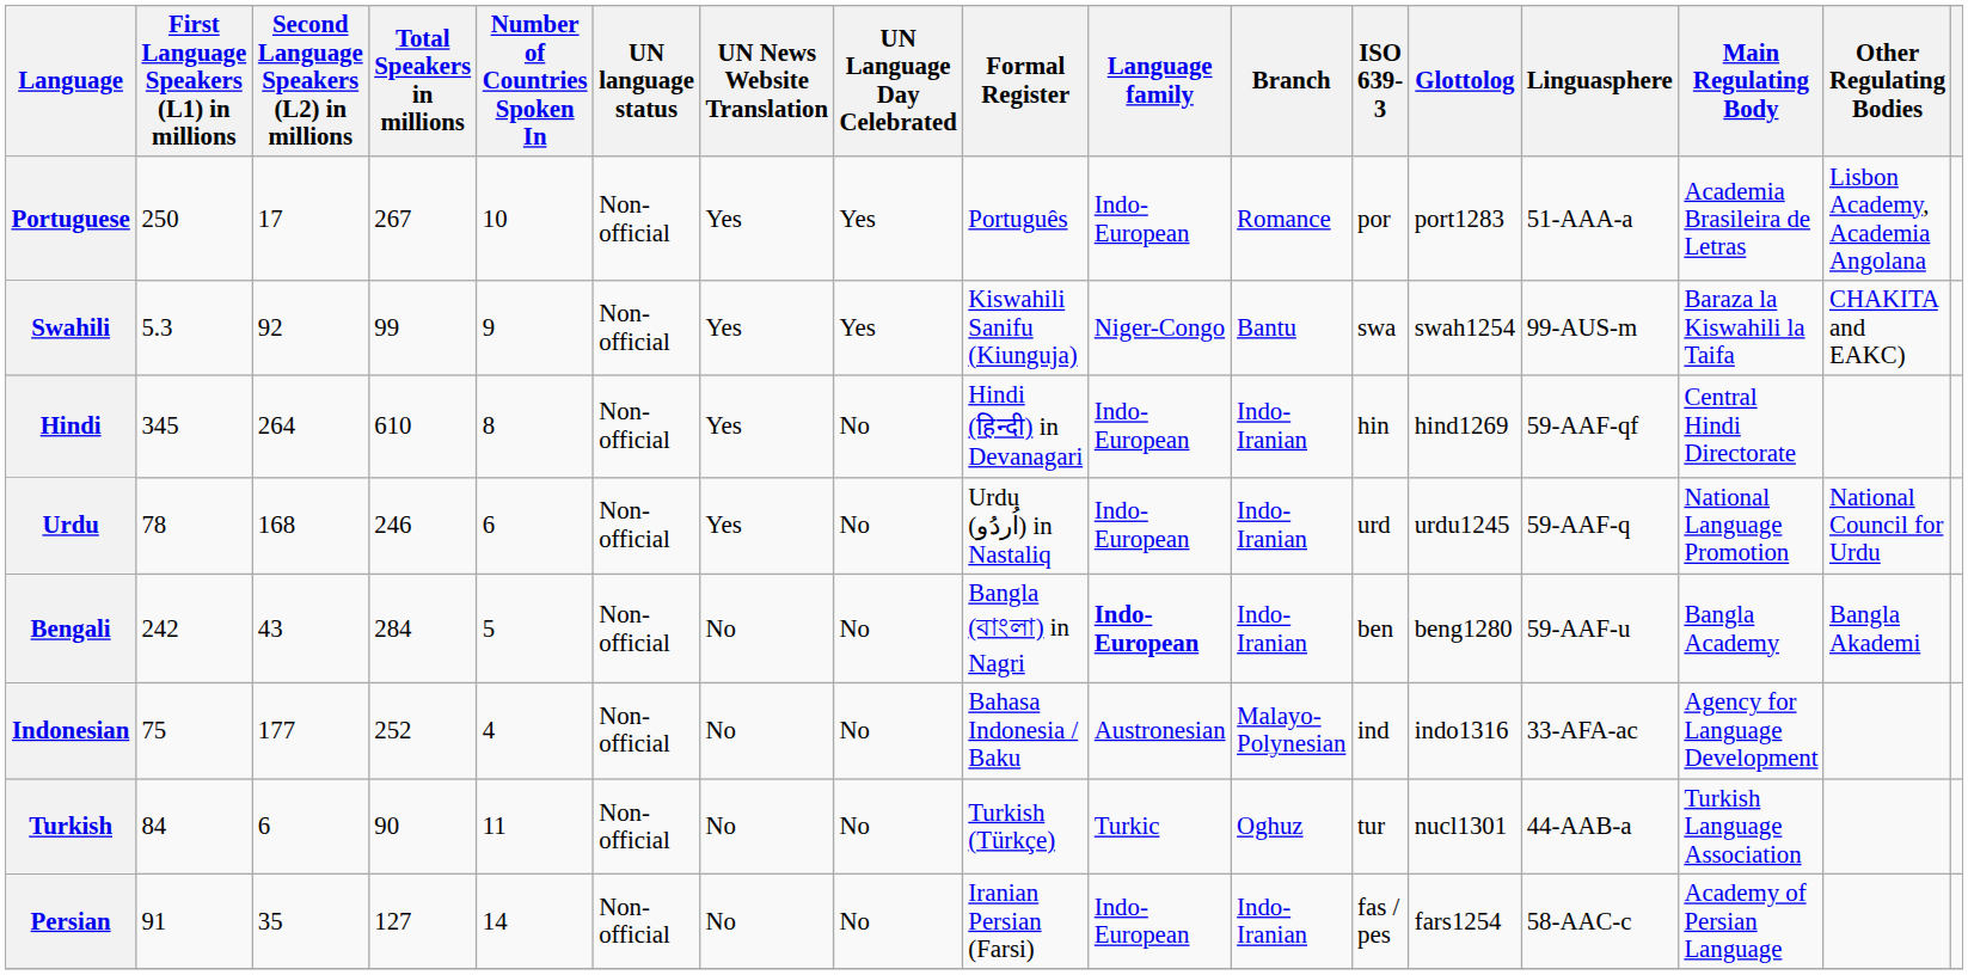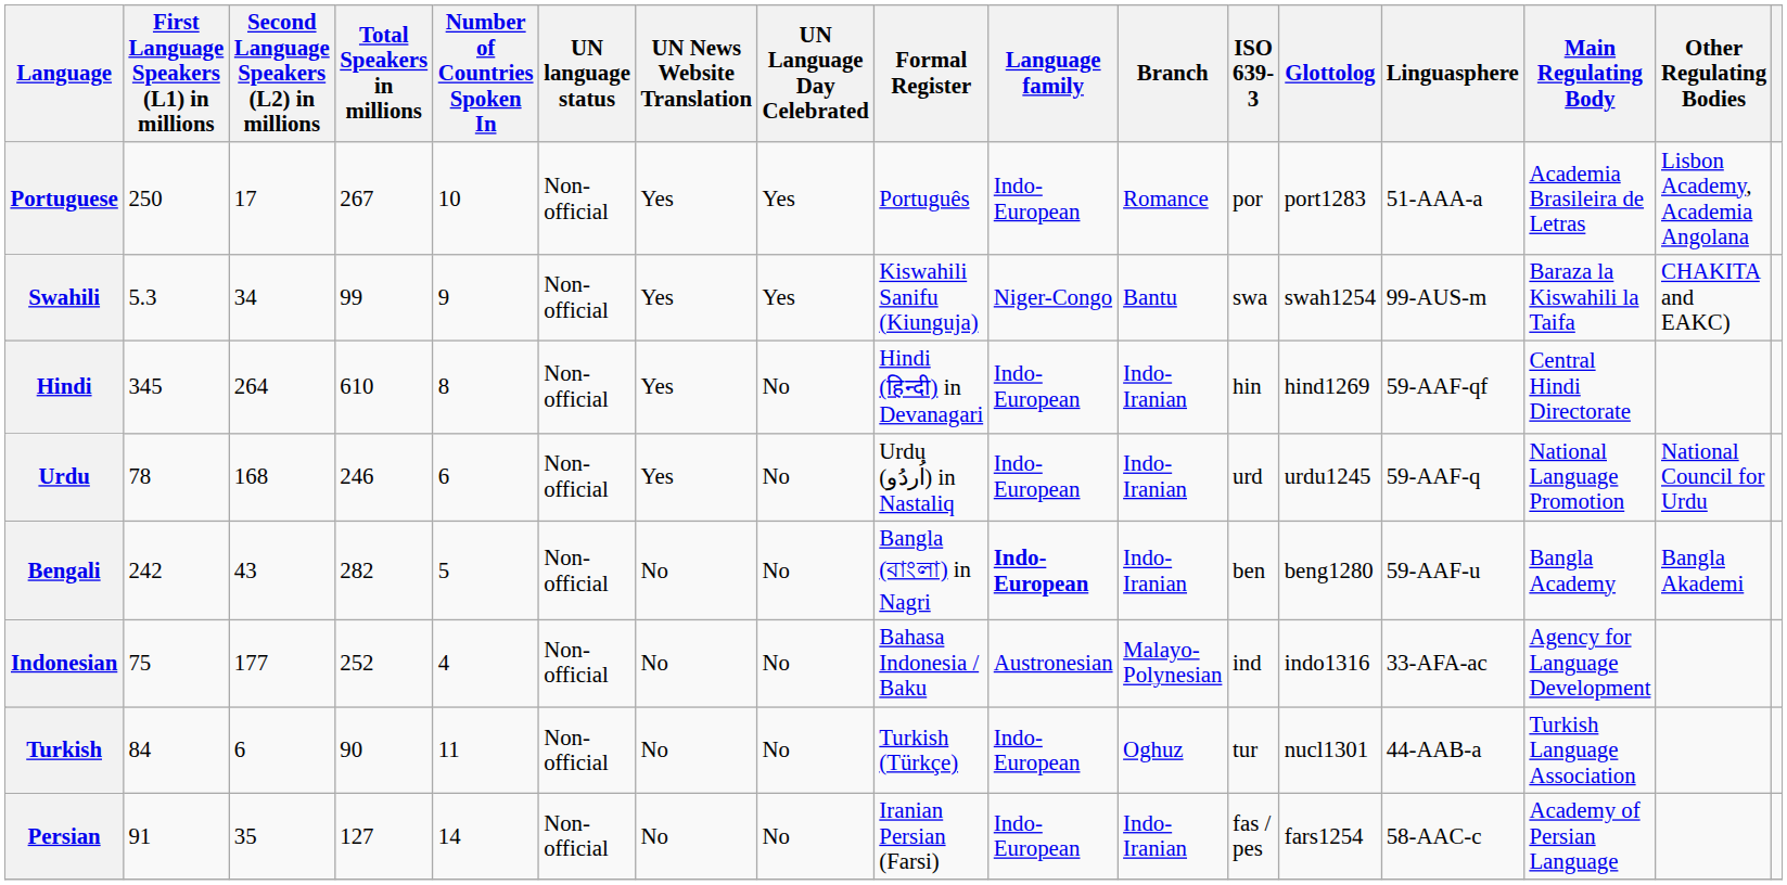 <table class="wikitable sortable" style="text align: center;">
 <tr>
 <th style="position: sticky; top: 0; left: 0; z-index: 1;"><a href='#'>Language</a></th>
 <th><a href='#'>First Language Speakers</a> (L1) in millions</th>
 <th><a href='#'>Second Language Speakers</a> (L2) in millions</th>
 <th><a href='#'>Total Speakers</a> in millions</th>
 <th><a href='#'>Number of Countries Spoken In</a></th>
 <th>UN language status</th>
 <th>UN News Website Translation</th>
 <th>UN Language Day Celebrated</th>
 <th>Formal Register</th>
 <th><a href='#'>Language family</a></th>
 <th>Branch</th>
 <th>ISO 639-3</th>
 <th><a href='#'>Glottolog</a></th>
 <th>Linguasphere</th>
 <th><a href='#'>Main Regulating Body</a></th>
 <th>Other Regulating Bodies</th>
 <th></th>
 </tr>
 <tr>
 <th style="position: sticky; left: 0; z-index: 1;"!><a href='#'>Portuguese</a></th>
 <td>250</td>
 <td>17</td>
 <td>267</td>
 <td>10</td>
 <td>Non-official</td>
 <td>Yes</td>
 <td>Yes</td>
 <td><a href='#'>Português</a></td>
 <td><a href='#'>Indo-European</a></td>
 <td><a href='#'>Romance</a></td>
 <td>por</td>
 <td>port1283</td>
 <td>51-AAA-a</td>
 <td><a href='#'>Academia Brasileira de Letras</a></td>
 <td><a href='#'>Lisbon Academy</a>, <a href='#'>Academia Angolana</a></td>
 <td></td>
 </tr>
 <tr>
 <th style="position: sticky; left: 0; z-index: 1;"!><a href='#'>Swahili</a></th>
 <td>5.3</td>
-<td>92</td>
+<td>34</td>
 <td>99</td>
 <td>9</td>
 <td>Non-official</td>
 <td>Yes</td>
 <td>Yes</td>
 <td><a href='#'>Kiswahili Sanifu (Kiunguja)</a></td>
 <td><a href='#'>Niger-Congo</a></td>
 <td><a href='#'>Bantu</a></td>
 <td>swa</td>
 <td>swah1254</td>
 <td>99-AUS-m</td>
 <td><a href='#'>Baraza la Kiswahili la Taifa</a></td>
 <td><a href='#'>CHAKITA</a> and EAKC)</td>
 <td></td>
 </tr>
 <tr>
 <th style="position: sticky; left: 0; z-index: 1;"><a href='#'>Hindi</a></th>
 <td>345</td>
 <td>264</td>
 <td>610</td>
 <td>8</td>
 <td>Non-official</td>
 <td>Yes</td>
 <td>No</td>
 <td><a href='#'>Hindi (हिन्दी)</a> in <a href='#'>Devanagari</a></td>
 <td><a href='#'>Indo-European</a></td>
 <td><a href='#'>Indo-Iranian</a></td>
 <td>hin</td>
 <td>hind1269</td>
 <td>59-AAF-qf</td>
 <td><a href='#'>Central Hindi Directorate</a></td>
 <td></td>
 </tr>
 <tr>
 <th style="position: sticky; left: 0; z-index: 1;"><a href='#'>Urdu</a></th>
 <td>78</td>
 <td>168</td>
 <td>246</td>
 <td>6</td>
 <td>Non-official</td>
 <td>Yes</td>
 <td>No</td>
 <td>Urdu (اُردُو) in <a href='#'>Nastaliq</a></td>
 <td><a href='#'>Indo-European</a></td>
 <td><a href='#'>Indo-Iranian</a></td>
 <td>urd</td>
 <td>urdu1245</td>
 <td>59-AAF-q</td>
 <td><a href='#'>National Language Promotion</a></td>
 <td><a href='#'>National Council for Urdu</a></td>
 <td></td>
 </tr>
 <tr>
 <th style="position: sticky; left: 0; z-index: 1;"><a href='#'>Bengali</a></th>
 <td>242</td>
 <td>43</td>
-<td>284</td>
+<td>282</td>
 <td>5</td>
 <td>Non-official</td>
 <td>No</td>
 <td>No</td>
 <td><a href='#'>Bangla (বাংলা)</a> in <a href='#'>Nagri</a></td>
 <td><strong><a href='#'>Indo-European</a></strong></td>
 <td><a href='#'>Indo-Iranian</a></td>
 <td>ben</td>
 <td>beng1280</td>
 <td>59-AAF-u</td>
 <td><a href='#'>Bangla Academy</a></td>
 <td><a href='#'>Bangla Akademi</a></td>
 <td></td>
 </tr>
 <tr>
 <th style="position: sticky; left: 0; z-index: 1;"><a href='#'>Indonesian</a></th>
 <td>75</td>
 <td>177</td>
 <td>252</td>
 <td>4</td>
 <td>Non-official</td>
 <td>No</td>
 <td>No</td>
 <td><a href='#'>Bahasa Indonesia / Baku</a></td>
 <td><a href='#'>Austronesian</a></td>
 <td><a href='#'>Malayo-Polynesian</a></td>
 <td>ind</td>
 <td>indo1316</td>
 <td>33-AFA-ac</td>
 <td><a href='#'>Agency for Language Development</a></td>
 <td></td>
 <td></td>
 </tr>
 <tr>
 <th style="position: sticky; left: 0; z-index: 1;"><a href='#'>Turkish</a></th>
 <td>84</td>
 <td>6</td>
 <td>90</td>
 <td>11</td>
 <td>Non-official</td>
 <td>No</td>
 <td>No</td>
 <td><a href='#'>Turkish (Türkçe)</a></td>
-<td><a href='#'>Turkic</a></td>
+<td><a href='#'>Indo-European</a></td>
 <td><a href='#'>Oghuz</a></td>
 <td>tur</td>
 <td>nucl1301</td>
 <td>44-AAB-a</td>
 <td><a href='#'>Turkish Language Association</a></td>
 <td></td>
 <td></td>
 </tr>
 <tr>
 <th style="position: sticky; left: 0; z-index: 1;"><a href='#'>Persian</a></th>
 <td>91</td>
 <td>35</td>
 <td>127</td>
 <td>14</td>
 <td>Non-official</td>
 <td>No</td>
 <td>No</td>
 <td><a href='#'>Iranian Persian</a> (Farsi)</td>
 <td><a href='#'>Indo-European</a></td>
 <td><a href='#'>Indo-Iranian</a></td>
 <td>fas / pes</td>
 <td>fars1254</td>
 <td>58-AAC-c</td>
 <td><a href='#'>Academy of Persian Language</a></td>
 <td></td>
 <td></td>
 </tr>
 <tr>
 </tr>
 </table>
